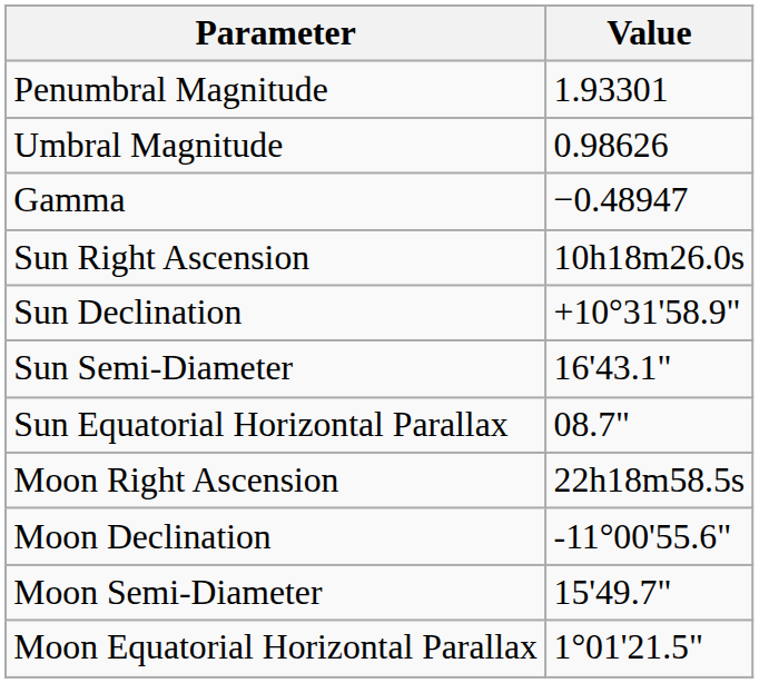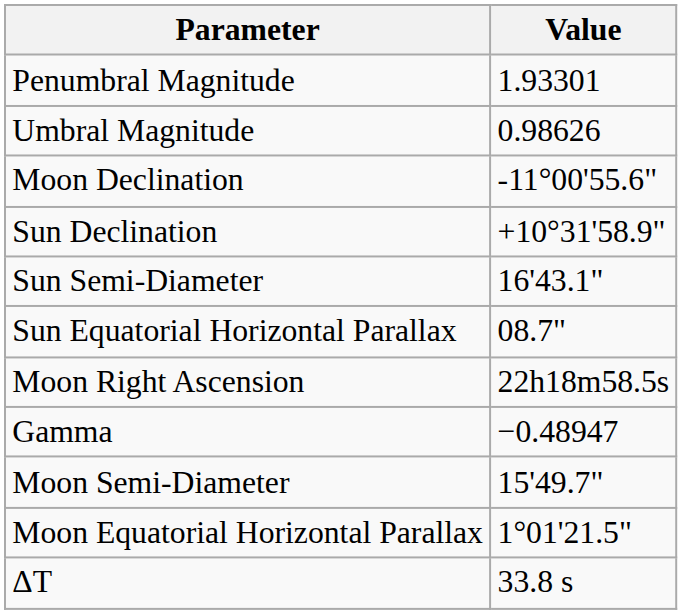 <table class="wikitable">
 <tr>
 <th>Parameter</th>
 <th>Value</th>
 </tr>
 <tr>
 <td>Penumbral Magnitude</td>
 <td>1.93301</td>
 </tr>
 <tr>
 <td>Umbral Magnitude</td>
 <td>0.98626</td>
 </tr>
 <tr>
-<td>Gamma</td>
-<td>−0.48947</td>
-</tr>
-<tr>
-<td>Sun Right Ascension</td>
-<td>10h18m26.0s</td>
+<td>Moon Declination</td>
+<td>-11°00'55.6"</td>
 </tr>
 <tr>
 <td>Sun Declination</td>
 <td>+10°31'58.9"</td>
 </tr>
 <tr>
 <td>Sun Semi-Diameter</td>
 <td>16'43.1"</td>
 </tr>
 <tr>
 <td>Sun Equatorial Horizontal Parallax</td>
 <td>08.7"</td>
 </tr>
 <tr>
 <td>Moon Right Ascension</td>
 <td>22h18m58.5s</td>
 </tr>
 <tr>
-<td>Moon Declination</td>
-<td>-11°00'55.6"</td>
+<td>Gamma</td>
+<td>−0.48947</td>
 </tr>
 <tr>
 <td>Moon Semi-Diameter</td>
 <td>15'49.7"</td>
 </tr>
 <tr>
 <td>Moon Equatorial Horizontal Parallax</td>
 <td>1°01'21.5"</td>
 </tr>
+<tr>
+<td>ΔT</td>
+<td>33.8 s</td>
+</tr>
 </table>
